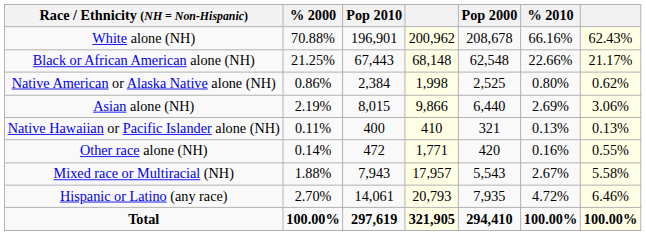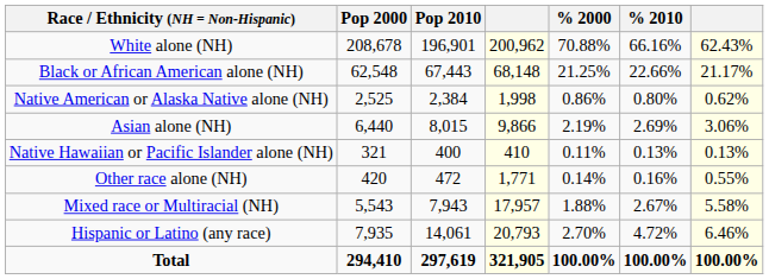 <table class="wikitable" style="text-align:center;">
 <tr>
 <th>Race / Ethnicity <small>(<em>NH = Non-Hispanic</em>)</small></th>
-<th>% 2000</th>
+<th>Pop 2000</th>
 <th>Pop 2010</th>
 <th></th>
-<th>Pop 2000</th>
+<th>% 2000</th>
 <th>% 2010</th>
 <th></th>
 </tr>
 <tr>
 <td><a href='#'>White</a> alone (NH)</td>
-<td>70.88%</td>
+<td>208,678</td>
 <td>196,901</td>
 <td style='background: #ffffe6;'>200,962</td>
-<td>208,678</td>
+<td>70.88%</td>
 <td>66.16%</td>
 <td style='background: #ffffe6;'>62.43%</td>
 </tr>
 <tr>
 <td><a href='#'>Black or African American</a> alone (NH)</td>
-<td>21.25%</td>
+<td>62,548</td>
 <td>67,443</td>
 <td style='background: #ffffe6;'>68,148</td>
-<td>62,548</td>
+<td>21.25%</td>
 <td>22.66%</td>
 <td style='background: #ffffe6;'>21.17%</td>
 </tr>
 <tr>
 <td><a href='#'>Native American</a> or <a href='#'>Alaska Native</a> alone (NH)</td>
-<td>0.86%</td>
+<td>2,525</td>
 <td>2,384</td>
 <td style='background: #ffffe6;'>1,998</td>
-<td>2,525</td>
+<td>0.86%</td>
 <td>0.80%</td>
 <td style='background: #ffffe6;'>0.62%</td>
 </tr>
 <tr>
 <td><a href='#'>Asian</a> alone (NH)</td>
-<td>2.19%</td>
+<td>6,440</td>
 <td>8,015</td>
 <td style='background: #ffffe6;'>9,866</td>
-<td>6,440</td>
+<td>2.19%</td>
 <td>2.69%</td>
 <td style='background: #ffffe6;'>3.06%</td>
 </tr>
 <tr>
 <td><a href='#'>Native Hawaiian</a> or <a href='#'>Pacific Islander</a> alone (NH)</td>
-<td>0.11%</td>
+<td>321</td>
 <td>400</td>
 <td style='background: #ffffe6;'>410</td>
-<td>321</td>
+<td>0.11%</td>
 <td>0.13%</td>
 <td style='background: #ffffe6;'>0.13%</td>
 </tr>
 <tr>
 <td><a href='#'>Other race</a> alone (NH)</td>
-<td>0.14%</td>
+<td>420</td>
 <td>472</td>
 <td style='background: #ffffe6;'>1,771</td>
-<td>420</td>
+<td>0.14%</td>
 <td>0.16%</td>
 <td style='background: #ffffe6;'>0.55%</td>
 </tr>
 <tr>
 <td><a href='#'>Mixed race or Multiracial</a> (NH)</td>
-<td>1.88%</td>
+<td>5,543</td>
 <td>7,943</td>
 <td style='background: #ffffe6;'>17,957</td>
-<td>5,543</td>
+<td>1.88%</td>
 <td>2.67%</td>
 <td style='background: #ffffe6;'>5.58%</td>
 </tr>
 <tr>
 <td><a href='#'>Hispanic or Latino</a> (any race)</td>
-<td>2.70%</td>
+<td>7,935</td>
 <td>14,061</td>
 <td style='background: #ffffe6;'>20,793</td>
-<td>7,935</td>
+<td>2.70%</td>
 <td>4.72%</td>
 <td style='background: #ffffe6;'>6.46%</td>
 </tr>
 <tr>
 <td><strong>Total</strong></td>
-<td><strong>100.00%</strong></td>
+<td><strong>294,410</strong></td>
 <td><strong>297,619</strong></td>
 <td style='background: #ffffe6;'><strong>321,905</strong></td>
-<td><strong>294,410</strong></td>
+<td><strong>100.00%</strong></td>
 <td><strong>100.00%</strong></td>
 <td style='background: #ffffe6;'><strong>100.00%</strong></td>
 </tr>
 </table>
